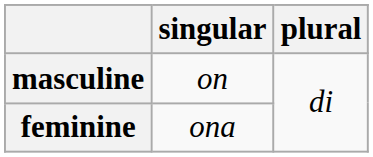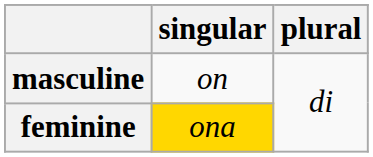 <table class="wikitable" style="text-align:center">
 <tr>
 <th> </th>
 <th>singular</th>
 <th>plural</th>
 </tr>
 <tr>
 <th>masculine</th>
 <td><em>on</em></td>
 <td rowspan="2" valign="center"><em>di</em></td>
 </tr>
 <tr>
 <th>feminine</th>
-<td><em>ona</em></td>
+<td style="background: gold;"><em>ona</em></td>
 </tr>
 </table>
